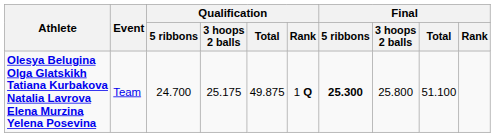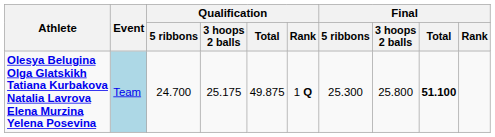 <table class="wikitable" style="font-size:90%">
 <tr>
 <th rowspan="2">Athlete</th>
 <th rowspan="2">Event</th>
 <th colspan="4">Qualification</th>
 <th colspan="4">Final</th>
 </tr>
 <tr style="font-size:95%">
 <th>5 ribbons</th>
 <th>3 hoops <br>2 balls</th>
 <th>Total</th>
 <th>Rank</th>
 <th>5 ribbons</th>
 <th>3 hoops <br>2 balls</th>
 <th>Total</th>
 <th>Rank</th>
 </tr>
 <tr align=center>
 <td align=left><strong><a href='#'>Olesya Belugina</a><br><a href='#'>Olga Glatskikh</a><br><a href='#'>Tatiana Kurbakova</a><br><a href='#'>Natalia Lavrova</a><br><a href='#'>Elena Murzina</a><br><a href='#'>Yelena Posevina</a></strong></td>
-<td align=left><a href='#'>Team</a></td>
+<td align=left style="background: lightblue;"><a href='#'>Team</a></td>
 <td>24.700</td>
 <td>25.175</td>
 <td>49.875</td>
 <td>1 <strong>Q</strong></td>
-<td><strong>25.300</strong></td>
+<td>25.300</td>
 <td>25.800</td>
-<td>51.100</td>
+<td><strong>51.100</strong></td>
 <td></td>
 </tr>
 </table>
